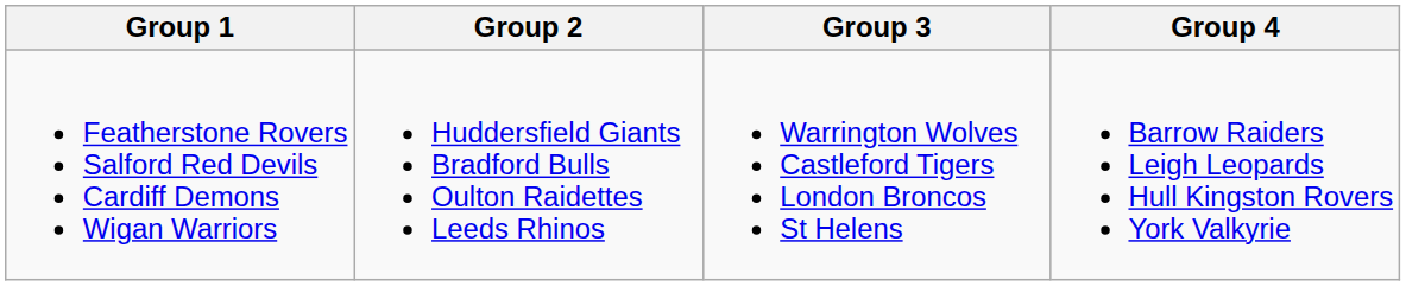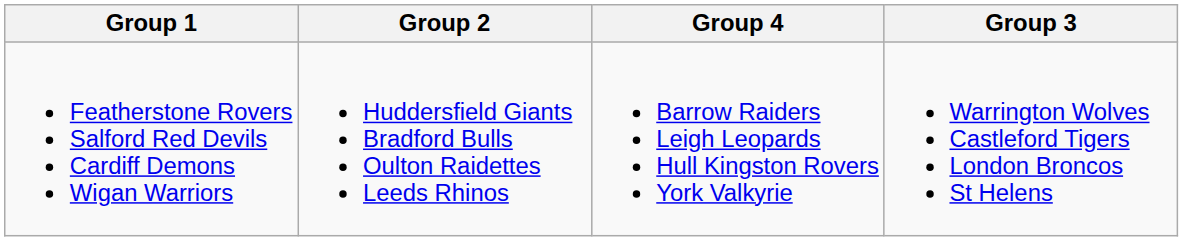 <table class="wikitable">
 <tr>
 <th width=25%>Group 1</th>
 <th width=25%>Group 2</th>
+<th width=25%>Group 4</th>
 <th width=25%>Group 3</th>
-<th width=25%>Group 4</th>
 </tr>
 <tr>
 <td><br><ul><li><a href='#'>Featherstone Rovers</a></li><li><a href='#'>Salford Red Devils</a></li><li><a href='#'>Cardiff Demons</a></li><li><a href='#'>Wigan Warriors</a></li></ul></td>
 <td><br><ul><li><a href='#'>Huddersfield Giants</a></li><li><a href='#'>Bradford Bulls</a></li><li><a href='#'>Oulton Raidettes</a></li><li><a href='#'>Leeds Rhinos</a></li></ul></td>
+<td><br><ul><li><a href='#'>Barrow Raiders</a></li><li><a href='#'>Leigh Leopards</a></li><li><a href='#'>Hull Kingston Rovers</a></li><li><a href='#'>York Valkyrie</a></li></ul></td>
 <td><br><ul><li><a href='#'>Warrington Wolves</a></li><li><a href='#'>Castleford Tigers</a></li><li><a href='#'>London Broncos</a></li><li><a href='#'>St Helens</a></li></ul></td>
-<td><br><ul><li><a href='#'>Barrow Raiders</a></li><li><a href='#'>Leigh Leopards</a></li><li><a href='#'>Hull Kingston Rovers</a></li><li><a href='#'>York Valkyrie</a></li></ul></td>
 </tr>
 </table>
